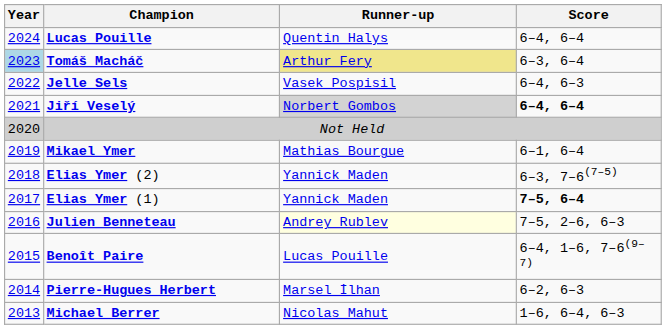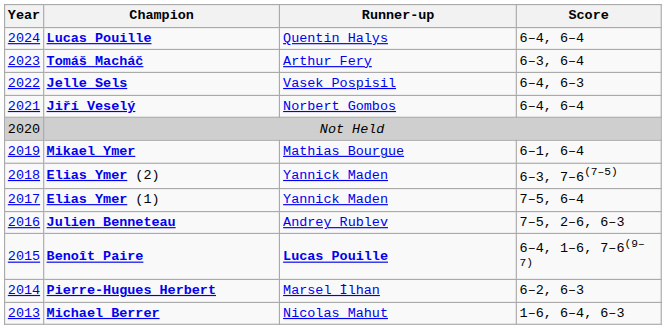 <table class="wikitable" style="font-size:90%">
 <tr>
 <th>Year</th>
 <th width="200">Champion</th>
 <th width="200">Runner-up</th>
 <th width="120">Score</th>
 </tr>
 <tr>
 <td><a href='#'>2024</a></td>
 <td> <strong><a href='#'>Lucas Pouille</a></strong></td>
 <td> <a href='#'>Quentin Halys</a></td>
 <td>6–4, 6–4</td>
 </tr>
 <tr>
-<td style="background: lightblue;"><a href='#'>2023</a></td>
+<td><a href='#'>2023</a></td>
 <td> <strong><a href='#'>Tomáš Macháč</a></strong></td>
-<td style="background: khaki;"> <a href='#'>Arthur Fery</a></td>
+<td> <a href='#'>Arthur Fery</a></td>
 <td>6–3, 6–4</td>
 </tr>
 <tr>
 <td><a href='#'>2022</a></td>
 <td> <strong><a href='#'>Jelle Sels</a></strong></td>
 <td> <a href='#'>Vasek Pospisil</a></td>
 <td>6–4, 6–3</td>
 </tr>
 <tr>
 <td><a href='#'>2021</a></td>
 <td> <strong><a href='#'>Jiří Veselý</a></strong></td>
-<td style="background: lightgrey;"> <a href='#'>Norbert Gombos</a></td>
-<td><strong>6–4, 6–4</strong></td>
+<td> <a href='#'>Norbert Gombos</a></td>
+<td>6–4, 6–4</td>
 </tr>
 <tr>
 <td style="background:#cfcfcf">2020</td>
 <td colspan=3 align=center style="background:#cfcfcf"><em>Not Held</em></td>
 </tr>
 <tr>
 <td><a href='#'>2019</a></td>
 <td> <strong><a href='#'>Mikael Ymer</a></strong></td>
 <td> <a href='#'>Mathias Bourgue</a></td>
 <td>6–1, 6–4</td>
 </tr>
 <tr>
 <td><a href='#'>2018</a></td>
 <td> <strong><a href='#'>Elias Ymer</a></strong> (2)</td>
 <td> <a href='#'>Yannick Maden</a></td>
 <td>6–3, 7–6<sup>(7–5)</sup></td>
 </tr>
 <tr>
 <td><a href='#'>2017</a></td>
 <td> <strong><a href='#'>Elias Ymer</a></strong> (1)</td>
 <td> <a href='#'>Yannick Maden</a></td>
-<td><strong>7–5, 6–4</strong></td>
+<td>7–5, 6–4</td>
 </tr>
 <tr>
 <td><a href='#'>2016</a></td>
 <td> <strong><a href='#'>Julien Benneteau</a></strong></td>
-<td style="background: lightyellow;"> <a href='#'>Andrey Rublev</a></td>
+<td> <a href='#'>Andrey Rublev</a></td>
 <td>7–5, 2–6, 6–3</td>
 </tr>
 <tr>
 <td><a href='#'>2015</a></td>
 <td> <strong><a href='#'>Benoît Paire</a></strong></td>
-<td> <a href='#'>Lucas Pouille</a></td>
+<td><strong> <a href='#'>Lucas Pouille</a></strong></td>
 <td>6–4, 1–6, 7–6<sup>(9–7)</sup></td>
 </tr>
 <tr>
 <td><a href='#'>2014</a></td>
 <td> <strong><a href='#'>Pierre-Hugues Herbert</a></strong></td>
 <td> <a href='#'>Marsel İlhan</a></td>
 <td>6–2, 6–3</td>
 </tr>
 <tr>
 <td><a href='#'>2013</a></td>
 <td> <strong><a href='#'>Michael Berrer</a></strong></td>
 <td> <a href='#'>Nicolas Mahut</a></td>
 <td>1–6, 6–4, 6–3</td>
 </tr>
 </table>
